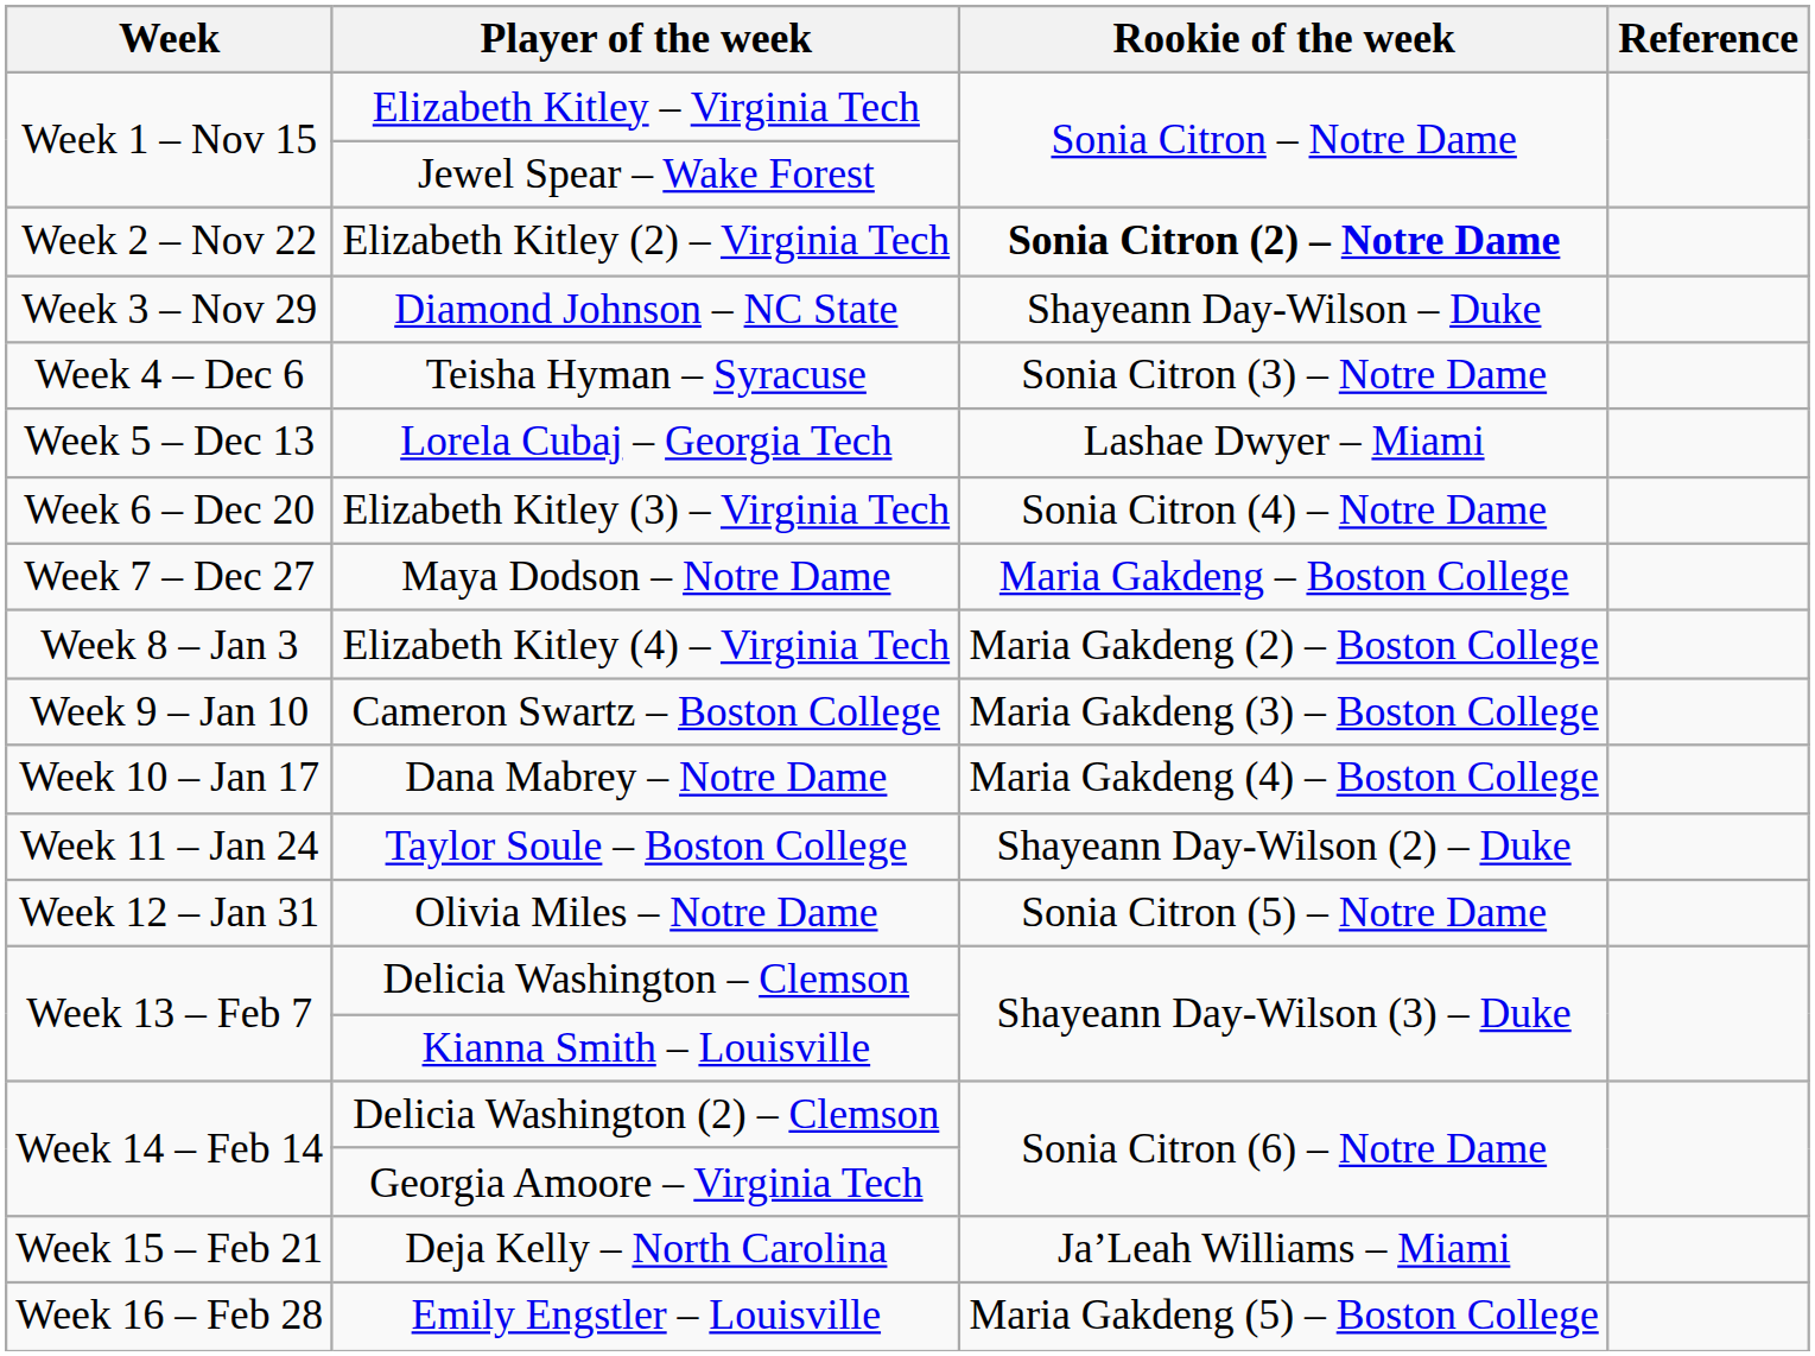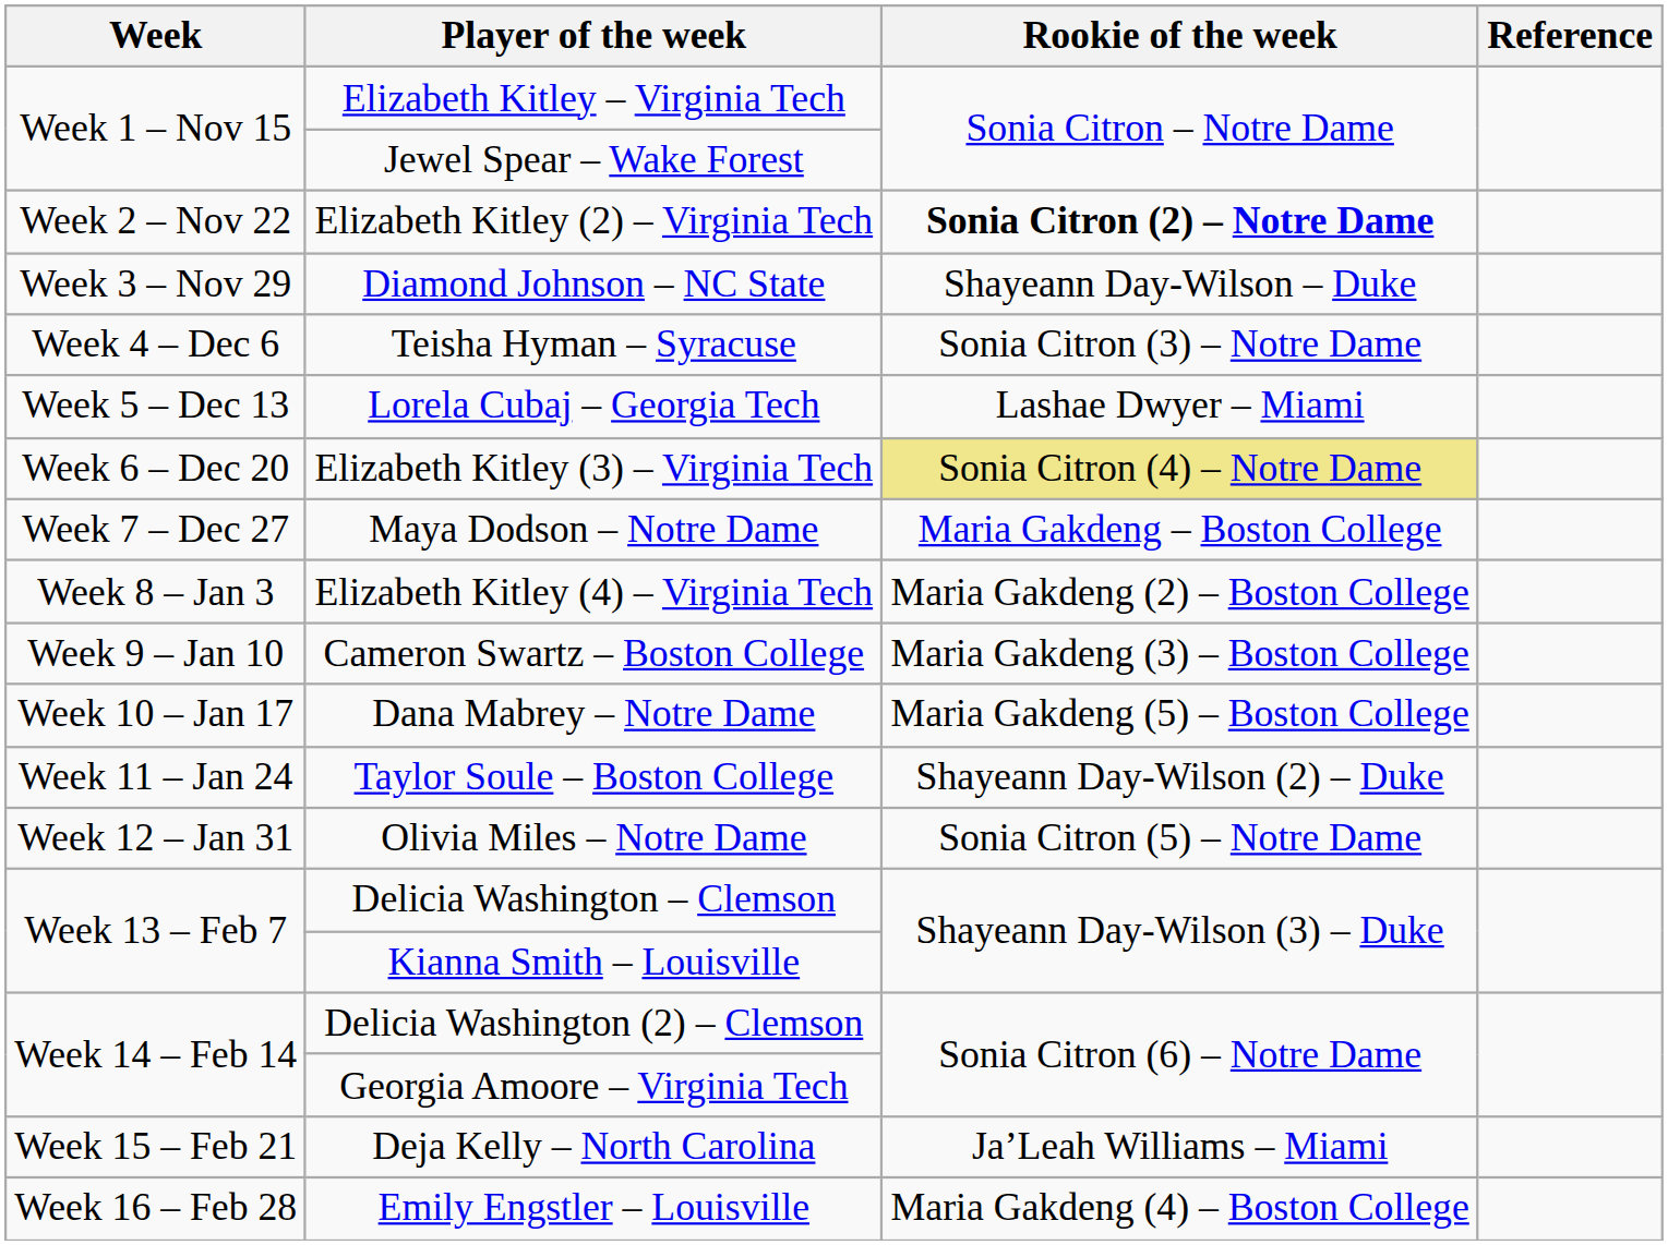 <table class="wikitable" border="1" style="text-align: center;">
 <tr>
 <th>Week</th>
 <th>Player of the week</th>
 <th>Rookie of the week</th>
 <th>Reference</th>
 </tr>
 <tr>
 <td rowspan=2>Week 1 – Nov 15</td>
 <td><a href='#'>Elizabeth Kitley</a> – <a href='#'>Virginia Tech</a></td>
 <td rowspan=2><a href='#'>Sonia Citron</a> – <a href='#'>Notre Dame</a></td>
 <td rowspan=2></td>
 </tr>
 <tr>
 <td>Jewel Spear – <a href='#'>Wake Forest</a></td>
 </tr>
 <tr>
 <td>Week 2 – Nov 22</td>
 <td>Elizabeth Kitley (2) – <a href='#'>Virginia Tech</a></td>
 <td><strong>Sonia Citron (2) – <a href='#'>Notre Dame</a></strong></td>
 <td></td>
 </tr>
 <tr>
 <td>Week 3 – Nov 29</td>
 <td><a href='#'>Diamond Johnson</a> – <a href='#'>NC State</a></td>
 <td>Shayeann Day-Wilson – <a href='#'>Duke</a></td>
 <td></td>
 </tr>
 <tr>
 <td>Week 4 – Dec 6</td>
 <td>Teisha Hyman – <a href='#'>Syracuse</a></td>
 <td>Sonia Citron (3) – <a href='#'>Notre Dame</a></td>
 <td></td>
 </tr>
 <tr>
 <td>Week 5 – Dec 13</td>
 <td><a href='#'>Lorela Cubaj</a> – <a href='#'>Georgia Tech</a></td>
 <td>Lashae Dwyer – <a href='#'>Miami</a></td>
 <td></td>
 </tr>
 <tr>
 <td>Week 6 – Dec 20</td>
 <td>Elizabeth Kitley (3) – <a href='#'>Virginia Tech</a></td>
-<td>Sonia Citron (4) – <a href='#'>Notre Dame</a></td>
+<td style="background: khaki;">Sonia Citron (4) – <a href='#'>Notre Dame</a></td>
 <td></td>
 </tr>
 <tr>
 <td>Week 7 – Dec 27</td>
 <td>Maya Dodson – <a href='#'>Notre Dame</a></td>
 <td><a href='#'>Maria Gakdeng</a> – <a href='#'>Boston College</a></td>
 <td></td>
 </tr>
 <tr>
 <td>Week 8 – Jan 3</td>
 <td>Elizabeth Kitley (4) – <a href='#'>Virginia Tech</a></td>
 <td>Maria Gakdeng (2) – <a href='#'>Boston College</a></td>
 <td></td>
 </tr>
 <tr>
 <td>Week 9 – Jan 10</td>
 <td>Cameron Swartz – <a href='#'>Boston College</a></td>
 <td>Maria Gakdeng (3) – <a href='#'>Boston College</a></td>
 <td></td>
 </tr>
 <tr>
 <td>Week 10 – Jan 17</td>
 <td>Dana Mabrey – <a href='#'>Notre Dame</a></td>
-<td>Maria Gakdeng (4) – <a href='#'>Boston College</a></td>
+<td>Maria Gakdeng (5) – <a href='#'>Boston College</a></td>
 <td></td>
 </tr>
 <tr>
 <td>Week 11 – Jan 24</td>
 <td><a href='#'>Taylor Soule</a> – <a href='#'>Boston College</a></td>
 <td>Shayeann Day-Wilson (2) – <a href='#'>Duke</a></td>
 <td></td>
 </tr>
 <tr>
 <td>Week 12 – Jan 31</td>
 <td>Olivia Miles – <a href='#'>Notre Dame</a></td>
 <td>Sonia Citron (5) – <a href='#'>Notre Dame</a></td>
 <td></td>
 </tr>
 <tr>
 <td rowspan=2>Week 13 – Feb 7</td>
 <td>Delicia Washington – <a href='#'>Clemson</a></td>
 <td rowspan=2>Shayeann Day-Wilson (3) – <a href='#'>Duke</a></td>
 <td rowspan=2></td>
 </tr>
 <tr>
 <td><a href='#'>Kianna Smith</a> – <a href='#'>Louisville</a></td>
 </tr>
 <tr>
 <td rowspan=2>Week 14 – Feb 14</td>
 <td>Delicia Washington (2) – <a href='#'>Clemson</a></td>
 <td rowspan=2>Sonia Citron (6) – <a href='#'>Notre Dame</a></td>
 <td rowspan=2></td>
 </tr>
 <tr>
 <td>Georgia Amoore – <a href='#'>Virginia Tech</a></td>
 </tr>
 <tr>
 <td>Week 15 – Feb 21</td>
 <td>Deja Kelly – <a href='#'>North Carolina</a></td>
 <td>Ja’Leah Williams – <a href='#'>Miami</a></td>
 <td></td>
 </tr>
 <tr>
 <td>Week 16 – Feb 28</td>
 <td><a href='#'>Emily Engstler</a> – <a href='#'>Louisville</a></td>
-<td>Maria Gakdeng (5) – <a href='#'>Boston College</a></td>
+<td>Maria Gakdeng (4) – <a href='#'>Boston College</a></td>
 <td></td>
 </tr>
 </table>
